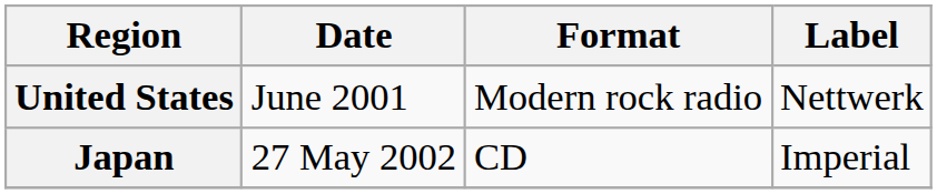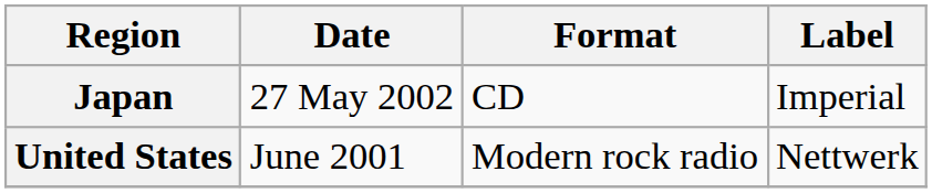 <table class="wikitable plainrowheaders">
 <tr>
 <th scope="col">Region</th>
 <th scope="col">Date</th>
 <th scope="col">Format</th>
 <th scope="col">Label</th>
 </tr>
 <tr>
+<th scope="row">Japan</th>
+<td>27 May 2002</td>
+<td>CD</td>
+<td>Imperial</td>
+</tr>
+<tr>
 <th scope="row">United States</th>
 <td>June 2001</td>
 <td>Modern rock radio</td>
 <td>Nettwerk</td>
 </tr>
 <tr>
-<th scope="row">Japan</th>
-<td>27 May 2002</td>
-<td>CD</td>
-<td>Imperial</td>
-</tr>
-<tr>
 </tr>
 </table>
